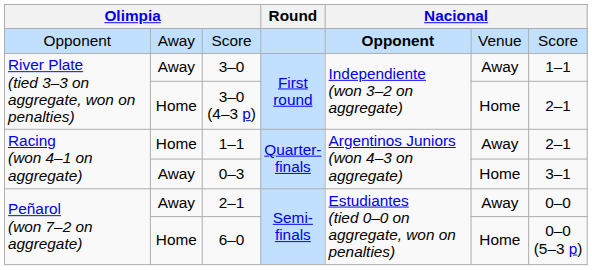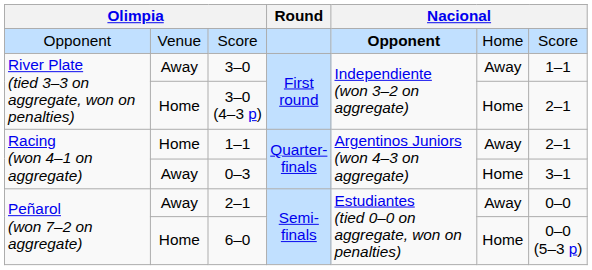 <table class="wikitable" style="text-align: center;">
 <tr>
 <th colspan=3> <a href='#'>Olimpia</a></th>
 <th>Round</th>
 <th colspan=3> <a href='#'>Nacional</a></th>
 </tr>
 <tr bgcolor=#c1e0ff>
 <td width=25%>Opponent</td>
-<td>Away</td>
+<td width=10%>Venue</td>
 <td width=10%>Score</td>
 <td width=10%></td>
 <td width=25%><strong>Opponent</strong></td>
-<td width=10%>Venue</td>
+<td>Home</td>
 <td width=10%>Score</td>
 </tr>
 <tr>
 <td rowspan=2 align=left> <a href='#'>River Plate</a><br><em>(tied 3–3 on aggregate, won on penalties)</em></td>
 <td>Away</td>
 <td>3–0</td>
 <td rowspan=2 bgcolor=#c1e0ff><a href='#'>First round</a></td>
 <td rowspan=2 align=left> <a href='#'>Independiente</a><br><em>(won 3–2 on aggregate)</em></td>
 <td>Away</td>
 <td>1–1</td>
 </tr>
 <tr>
 <td>Home</td>
 <td>3–0 (4–3 <a href='#'>p</a>)</td>
 <td>Home</td>
 <td>2–1</td>
 </tr>
 <tr>
 <td rowspan=2 align=left> <a href='#'>Racing</a><br><em>(won 4–1 on aggregate)</em></td>
 <td>Home</td>
 <td>1–1</td>
 <td rowspan=2 bgcolor=#c1e0ff><a href='#'>Quarter-finals</a></td>
 <td rowspan=2 align=left> <a href='#'>Argentinos Juniors</a><br><em>(won 4–3 on aggregate)</em></td>
 <td>Away</td>
 <td>2–1</td>
 </tr>
 <tr>
 <td>Away</td>
 <td>0–3</td>
 <td>Home</td>
 <td>3–1</td>
 </tr>
 <tr>
 <td rowspan=2 align=left> <a href='#'>Peñarol</a><br><em>(won 7–2 on aggregate)</em></td>
 <td>Away</td>
 <td>2–1</td>
 <td rowspan=2 bgcolor=#c1e0ff><a href='#'>Semi-finals</a></td>
 <td rowspan=2 align=left> <a href='#'>Estudiantes</a><br><em>(tied 0–0 on aggregate, won on penalties)</em></td>
 <td>Away</td>
 <td>0–0</td>
 </tr>
 <tr>
 <td>Home</td>
 <td>6–0</td>
 <td>Home</td>
 <td>0–0 (5–3 <a href='#'>p</a>)</td>
 </tr>
 </table>
